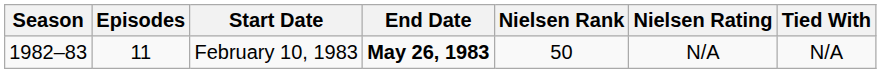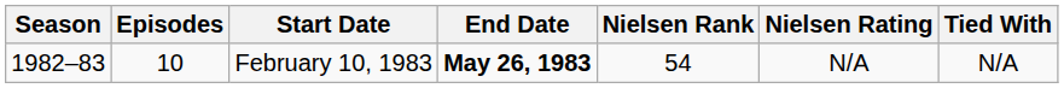 <table class="wikitable" style="text-align: center">
 <tr>
 <th>Season</th>
 <th>Episodes</th>
 <th>Start Date</th>
 <th>End Date</th>
 <th>Nielsen Rank</th>
 <th>Nielsen Rating</th>
 <th>Tied With</th>
 </tr>
 <tr>
 <td style="text-align:center">1982–83</td>
-<td style="text-align:center">11</td>
+<td style="text-align:center">10</td>
 <td style="text-align:center">February 10, 1983</td>
 <td style="text-align:center"><strong>May 26, 1983</strong></td>
-<td style="text-align:center:">50</td>
+<td style="text-align:center:">54</td>
 <td style="text-align:center">N/A</td>
 <td style="text-align:center">N/A</td>
 </tr>
 </table>
